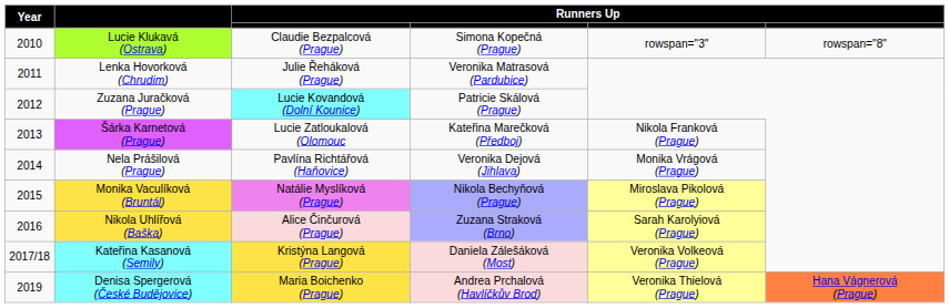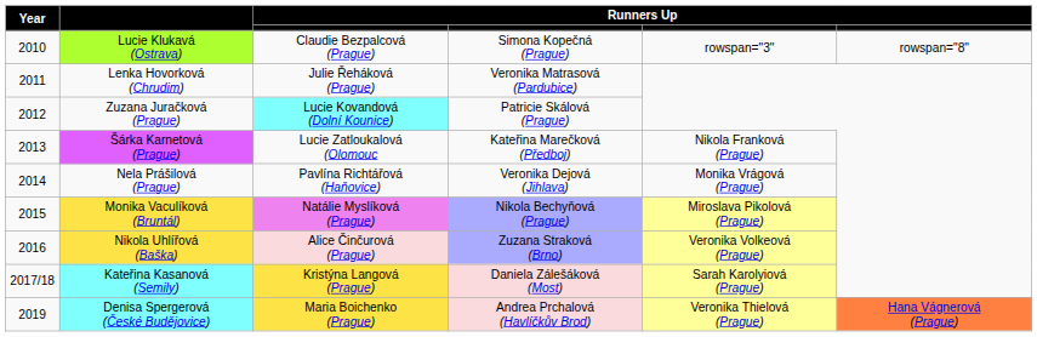 <table class="wikitable" style="font-size: 95%; text-align:center; width:100%">
 <tr>
 <th rowspan="2" width="60" style="background-color:#000000; color:#FFFFFF;">Year</th>
 <th rowspan="2" width="250" style="background-color:#000000; color:#FFFFFF;"></th>
 <th colspan="4" width="250" style="background-color:#000000; color:#FFFFFF;">Runners Up</th>
 </tr>
 <tr>
 <th width="250" style="background-color:#000000; color:#FFFFFF;"></th>
 <th width="250" style="background-color:#000000; color:#FFFFFF;"></th>
 <th width="250" style="background-color:#000000; color:#FFFFFF;"></th>
 <th width="250" style="background-color:#000000; color:#FFFFFF;"></th>
 </tr>
 <tr>
 <td>2010</td>
 <td style="background:#adff2f;">Lucie Klukavá<br><em>(<a href='#'>Ostrava</a>)</em></td>
 <td>Claudie Bezpalcová<br><em>(<a href='#'>Prague</a>)</em></td>
 <td>Simona Kopečná<br><em>(<a href='#'>Prague</a>)</em></td>
 <td>rowspan="3" </td>
 <td>rowspan="8" </td>
 </tr>
 <tr>
 <td>2011</td>
 <td>Lenka Hovorková<br><em>(<a href='#'>Chrudim</a>)</em></td>
 <td>Julie Řeháková<br><em>(<a href='#'>Prague</a>)</em></td>
 <td>Veronika Matrasová<br><em>(<a href='#'>Pardubice</a>)</em></td>
 </tr>
 <tr>
 <td>2012</td>
 <td>Zuzana Juračková<br><em>(<a href='#'>Prague</a>)</em></td>
 <td style="background:#80FFFF;">Lucie Kovandová<br><em>(<a href='#'>Dolní Kounice</a>)</em></td>
 <td>Patricie Skálová<br><em>(<a href='#'>Prague</a>)</em></td>
 </tr>
 <tr>
 <td>2013</td>
 <td style="background:#df5fff;">Šárka Karnetová<br><em>(<a href='#'>Prague</a>)</em></td>
 <td>Lucie Zatloukalová<br><em>(<a href='#'>Olomouc</a></em></td>
 <td>Kateřina Marečková<br><em>(<a href='#'>Předboj</a>)</em></td>
 <td>Nikola Franková<br><em>(<a href='#'>Prague</a>)</em></td>
 </tr>
 <tr>
 <td>2014</td>
 <td>Nela Prášilová<br><em>(<a href='#'>Prague</a>)</em></td>
 <td>Pavlína Richtářová<br><em>(<a href='#'>Haňovice</a>)</em></td>
 <td>Veronika Dejová<br><em>(<a href='#'>Jihlava</a>)</em></td>
 <td>Monika Vrágová<br><em>(<a href='#'>Prague</a>)</em></td>
 </tr>
 <tr>
 <td>2015</td>
 <td style="background:#FEE347;">Monika Vaculíková<br><em>(<a href='#'>Bruntál</a>)</em></td>
 <td style="background:#ee82ee;">Natálie Myslíková<br><em>(<a href='#'>Prague</a>)</em></td>
 <td style="background:#AAAAFF;">Nikola Bechyňová<br><em>(<a href='#'>Prague</a>)</em></td>
 <td style="background:#FFFF99;">Miroslava Pikolová<br><em>(<a href='#'>Prague</a>)</em></td>
 </tr>
 <tr>
 <td>2016</td>
 <td style="background:#FEE347;">Nikola Uhlířová<br><em>(<a href='#'>Baška</a>)</em></td>
 <td style="background:#fadadd;">Alice Činčurová<br><em>(<a href='#'>Prague</a>)</em></td>
 <td style="background:#AAAAFF;">Zuzana Straková<br><em>(<a href='#'>Brno</a>)</em></td>
-<td style="background:#FFFF99;">Sarah Karolyiová<br><em>(<a href='#'>Prague</a>)</em></td>
+<td style="background:#FFFF99;">Veronika Volkeová<br><em>(<a href='#'>Prague</a>)</em></td>
 </tr>
 <tr>
 <td>2017/18</td>
 <td style="background:#80FFFF;">Kateřina Kasanová<br><em>(<a href='#'>Semily</a>)</em></td>
 <td style="background:#FEE347;">Kristýna Langová<br><em>(<a href='#'>Prague</a>)</em></td>
 <td style="background:#fadadd;">Daniela Zálešáková<br><em>(<a href='#'>Most</a>)</em></td>
-<td style="background:#FFFF99;">Veronika Volkeová<br><em>(<a href='#'>Prague</a>)</em></td>
+<td style="background:#FFFF99;">Sarah Karolyiová<br><em>(<a href='#'>Prague</a>)</em></td>
 </tr>
 <tr>
 <td>2019</td>
 <td style="background:#80FFFF;">Denisa Spergerová<br><em>(<a href='#'>České Budějovice</a>)</em></td>
 <td style="background:#FEE347;">Maria Boichenko<br><em>(<a href='#'>Prague</a>)</em></td>
 <td style="background:#fadadd;">Andrea Prchalová<br><em>(<a href='#'>Havlíčkův Brod</a>)</em></td>
 <td style="background:#FFFF99;">Veronika Thielová<br><em>(<a href='#'>Prague</a>)</em></td>
 <td style="background:#FF8040;"><a href='#'>Hana Vágnerová</a><br><em>(<a href='#'>Prague</a>)</em></td>
 </tr>
 </table>
